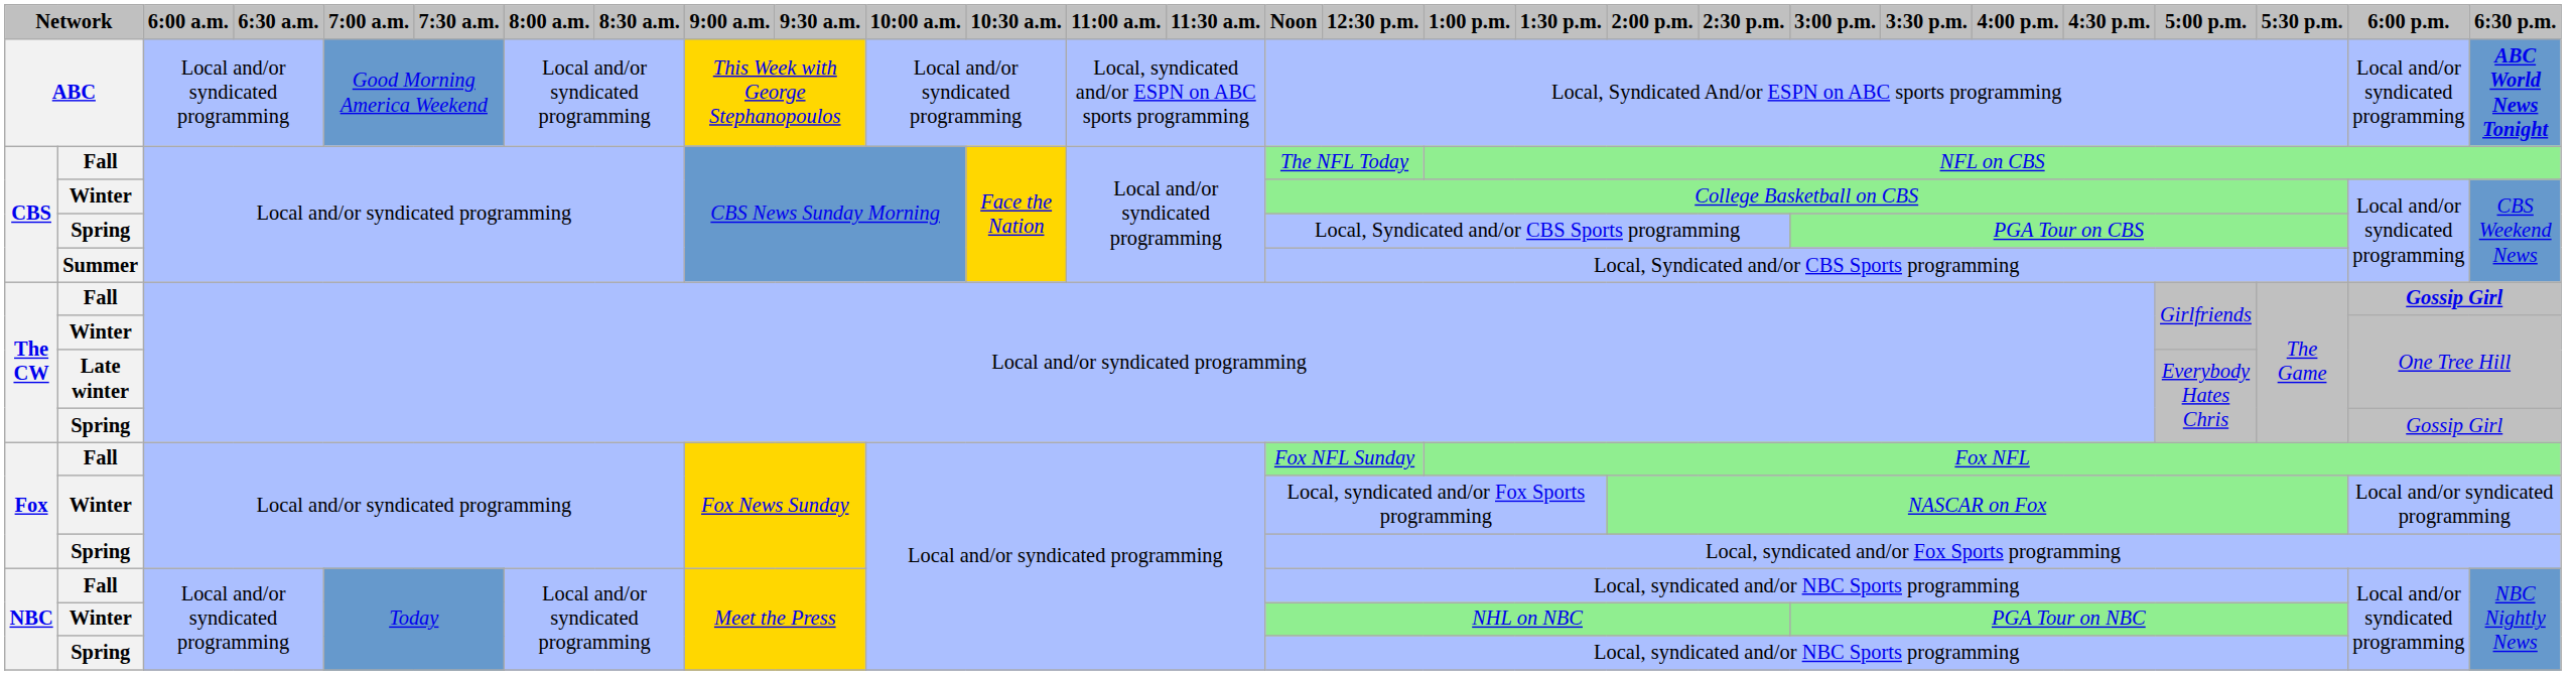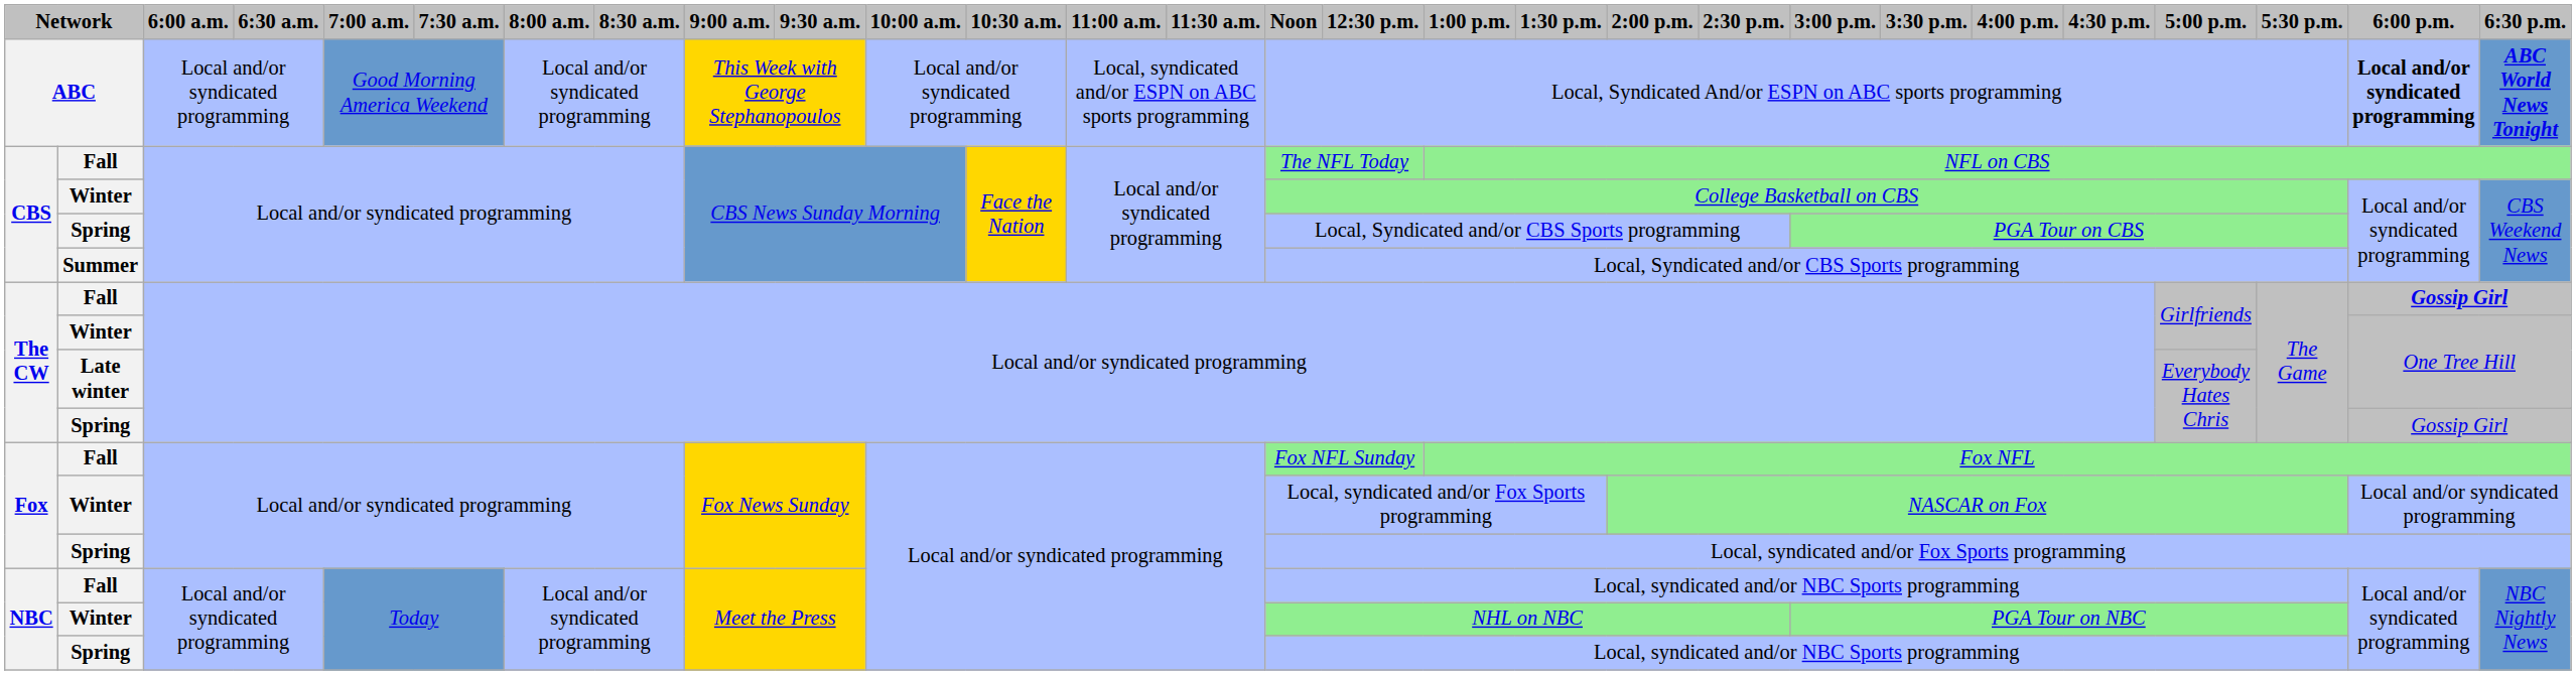 <table class="wikitable sortable" style="width:100%;margin-right:0;font-size:90%;text-align:center">
 <tr>
 <th colspan="2" style="background:#C0C0C0; width:1.5%; text-align:center;">Network</th>
 <th width="4%" style="background:#C0C0C0; text-align:center;">6:00 a.m.</th>
 <th width="4%" style="background:#C0C0C0; text-align:center;">6:30 a.m.</th>
 <th width="4%" style="background:#C0C0C0; text-align:center;">7:00 a.m.</th>
 <th width="4%" style="background:#C0C0C0; text-align:center;">7:30 a.m.</th>
 <th width="4%" style="background:#C0C0C0; text-align:center;">8:00 a.m.</th>
 <th width="4%" style="background:#C0C0C0; text-align:center;">8:30 a.m.</th>
 <th width="4%" style="background:#C0C0C0; text-align:center;">9:00 a.m.</th>
 <th width="4%" style="background:#C0C0C0; text-align:center;">9:30 a.m.</th>
 <th width="4%" style="background:#C0C0C0; text-align:center;">10:00 a.m.</th>
 <th width="4%" style="background:#C0C0C0; text-align:center;">10:30 a.m.</th>
 <th width="4%" style="background:#C0C0C0; text-align:center;">11:00 a.m.</th>
 <th width="4%" style="background:#C0C0C0; text-align:center;">11:30 a.m.</th>
 <th width="4%" style="background:#C0C0C0; text-align:center;">Noon</th>
 <th width="4%" style="background:#C0C0C0; text-align:center;">12:30 p.m.</th>
 <th width="4%" style="background:#C0C0C0; text-align:center;">1:00 p.m.</th>
 <th width="4%" style="background:#C0C0C0; text-align:center;">1:30 p.m.</th>
 <th width="4%" style="background:#C0C0C0; text-align:center;">2:00 p.m.</th>
 <th width="4%" style="background:#C0C0C0; text-align:center;">2:30 p.m.</th>
 <th width="4%" style="background:#C0C0C0; text-align:center;">3:00 p.m.</th>
 <th width="4%" style="background:#C0C0C0; text-align:center;">3:30 p.m.</th>
 <th width="4%" style="background:#C0C0C0; text-align:center;">4:00 p.m.</th>
 <th width="4%" style="background:#C0C0C0; text-align:center;">4:30 p.m.</th>
 <th width="4%" style="background:#C0C0C0; text-align:center;">5:00 p.m.</th>
 <th width="4%" style="background:#C0C0C0; text-align:center;">5:30 p.m.</th>
 <th width="4%" style="background:#C0C0C0; text-align:center;">6:00 p.m.</th>
 <th width="4%" style="background:#C0C0C0; text-align:center;">6:30 p.m.</th>
 </tr>
 <tr>
 <th colspan="2"><a href='#'>ABC</a></th>
 <td colspan="2" style="background:#abbfff;">Local and/or syndicated programming</td>
 <td colspan="2" style="background: #6699CC;"><em><a href='#'>Good Morning America Weekend</a></em></td>
 <td colspan="2" style="background:#abbfff;">Local and/or syndicated programming</td>
 <td colspan="2" style="background:#ffd700;"><em><a href='#'>This Week with George Stephanopoulos</a></em></td>
 <td colspan="2" style="background:#abbfff;">Local and/or syndicated programming</td>
 <td colspan="2" style="background:#abbfff;">Local, syndicated and/or <a href='#'>ESPN on ABC</a> sports programming</td>
 <td colspan="12" style="background:#abbfff;">Local, Syndicated And/or <a href='#'>ESPN on ABC</a> sports programming</td>
-<td style="background:#abbfff;">Local and/or syndicated programming</td>
+<td style="background:#abbfff;"><strong>Local and/or syndicated programming</strong></td>
 <td style="background: #6699CC;"><strong><em><a href='#'>ABC World News Tonight</a></em></strong></td>
 </tr>
 <tr>
 <th rowspan="4"><a href='#'>CBS</a></th>
 <th>Fall</th>
 <td colspan="6" rowspan="4" style="background:#abbfff;">Local and/or syndicated programming</td>
 <td colspan="3" rowspan="4"style="background: #6699CC;"><em><a href='#'>CBS News Sunday Morning</a></em></td>
 <td rowspan="4" style="background:#ffd700;"><em><a href='#'>Face the Nation</a></em></td>
 <td colspan="2" rowspan="4" style="background:#abbfff;">Local and/or syndicated programming</td>
 <td colspan="2" style="background:lightgreen;"><em><a href='#'>The NFL Today</a></em></td>
 <td colspan="12" style="background:lightgreen;"><em><a href='#'>NFL on CBS</a></em> </td>
 </tr>
 <tr>
 <th>Winter</th>
 <td colspan="12" style="background:lightgreen;"><em><a href='#'>College Basketball on CBS</a></em></td>
 <td rowspan="3" style="background:#abbfff;">Local and/or syndicated programming</td>
 <td rowspan="3" style="background: #6699CC"><em><a href='#'>CBS Weekend News</a></em></td>
 </tr>
 <tr>
 <th>Spring</th>
 <td colspan="6" style="background:#abbfff;">Local, Syndicated and/or <a href='#'>CBS Sports</a> programming</td>
 <td colspan="6" style="background:lightgreen;"><em><a href='#'>PGA Tour on CBS</a></em></td>
 </tr>
 <tr>
 <th>Summer</th>
 <td colspan="12" style="background:#abbfff;">Local, Syndicated and/or <a href='#'>CBS Sports</a> programming</td>
 </tr>
 <tr>
 <th rowspan="4"><a href='#'>The CW</a></th>
 <th>Fall</th>
 <td rowspan="4" colspan="22" style="background:#abbfff;">Local and/or syndicated programming</td>
 <td rowspan="2" style="background:#C0C0C0;"><em><a href='#'>Girlfriends</a></em> </td>
 <td rowspan="4" style="background:#C0C0C0;"><em><a href='#'>The Game</a></em> </td>
 <td colspan="2" style="background:#C0C0C0;"><strong><em><a href='#'>Gossip Girl</a></em></strong> </td>
 </tr>
 <tr>
 <th>Winter</th>
 <td rowspan="2" colspan="2" style="background:#C0C0C0;"><em><a href='#'>One Tree Hill</a></em> </td>
 </tr>
 <tr>
 <th>Late winter</th>
 <td rowspan="2" style="background:#C0C0C0;"><em><a href='#'>Everybody Hates Chris</a></em> </td>
 </tr>
 <tr>
 <th>Spring</th>
 <td colspan="2" style="background:#C0C0C0;"><em><a href='#'>Gossip Girl</a></em> </td>
 </tr>
 <tr>
 <th rowspan="3"><a href='#'>Fox</a></th>
 <th>Fall</th>
 <td colspan="6" rowspan="3" style="background:#abbfff">Local and/or syndicated programming</td>
 <td colspan="2" rowspan="3" style="background:#ffd700;"><em><a href='#'>Fox News Sunday</a></em></td>
 <td colspan="4" rowspan="7" style="background:#abbfff">Local and/or syndicated programming</td>
 <td colspan="2" style="background:lightgreen;"><em><a href='#'>Fox NFL Sunday</a></em></td>
 <td colspan="12" style="background:lightgreen;"><em><a href='#'>Fox NFL</a></em> </td>
 </tr>
 <tr>
 <th>Winter</th>
 <td colspan="4" style="background:#abbfff;">Local, syndicated and/or <a href='#'>Fox Sports</a> programming</td>
 <td colspan="8" style="background:lightgreen;"><em><a href='#'>NASCAR on Fox</a></em></td>
 <td colspan="2" style="background:#abbfff;">Local and/or syndicated programming</td>
 </tr>
 <tr>
 <th>Spring</th>
 <td colspan="14" style="background:#abbfff;">Local, syndicated and/or <a href='#'>Fox Sports</a> programming</td>
 </tr>
 <tr>
 <th rowspan="4"><a href='#'>NBC</a></th>
 <th>Fall</th>
 <td colspan="2" rowspan="3" style="background:#abbfff;">Local and/or syndicated programming</td>
 <td colspan="2" rowspan="3" style="background:#6699CC;"><em><a href='#'>Today</a></em></td>
 <td colspan="2" rowspan="3" style="background:#abbfff;">Local and/or syndicated programming</td>
 <td colspan="2" rowspan="3" style="background:#ffd700;"><em><a href='#'>Meet the Press</a></em></td>
 <td colspan="12" style="background:#abbfff;">Local, syndicated and/or <a href='#'>NBC Sports</a> programming</td>
 <td rowspan="4" style="background:#abbfff;">Local and/or syndicated programming</td>
 <td rowspan="4" style="background:#6699CC;"><em><a href='#'>NBC Nightly News</a></em></td>
 </tr>
 <tr>
 <th>Winter</th>
 <td colspan="6" style="background:lightgreen;"><em><a href='#'>NHL on NBC</a></em></td>
 <td colspan="6" style="background:lightgreen;"><em><a href='#'>PGA Tour on NBC</a></em></td>
 </tr>
 <tr>
 <th>Spring</th>
 <td colspan="12" style="background:#abbfff;">Local, syndicated and/or <a href='#'>NBC Sports</a> programming</td>
 </tr>
 </table>
